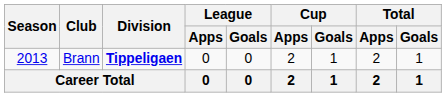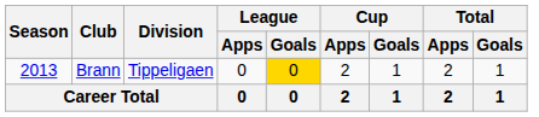 <table class="wikitable" style="text-align: center;">
 <tr>
 <th rowspan="2">Season</th>
 <th rowspan="2">Club</th>
 <th rowspan="2">Division</th>
 <th colspan="2">League</th>
 <th colspan="2">Cup</th>
 <th colspan="2">Total</th>
 </tr>
 <tr>
 <th>Apps</th>
 <th>Goals</th>
 <th>Apps</th>
 <th>Goals</th>
 <th>Apps</th>
 <th>Goals</th>
 </tr>
 <tr>
 <td><a href='#'>2013</a></td>
 <td rowspan="1" valign="center"><a href='#'>Brann</a></td>
-<td rowspan="1" valign="center"><strong><a href='#'>Tippeligaen</a></strong></td>
+<td rowspan="1" valign="center"><a href='#'>Tippeligaen</a></td>
 <td>0</td>
-<td>0</td>
+<td style="background: gold;">0</td>
 <td>2</td>
 <td>1</td>
 <td>2</td>
 <td>1</td>
 </tr>
 <tr>
 <th colspan="3">Career Total</th>
 <th>0</th>
 <th>0</th>
 <th>2</th>
 <th>1</th>
 <th>2</th>
 <th>1</th>
 </tr>
 </table>
